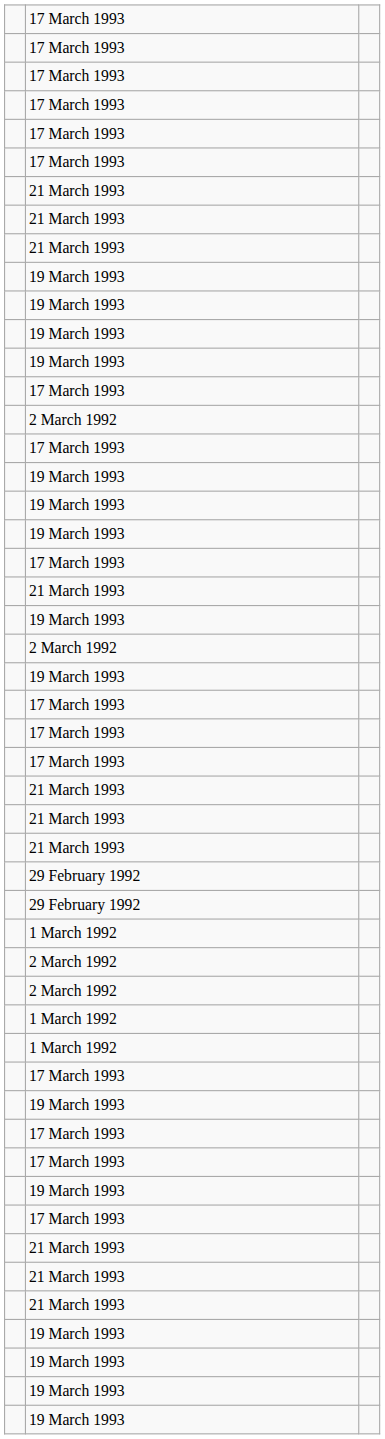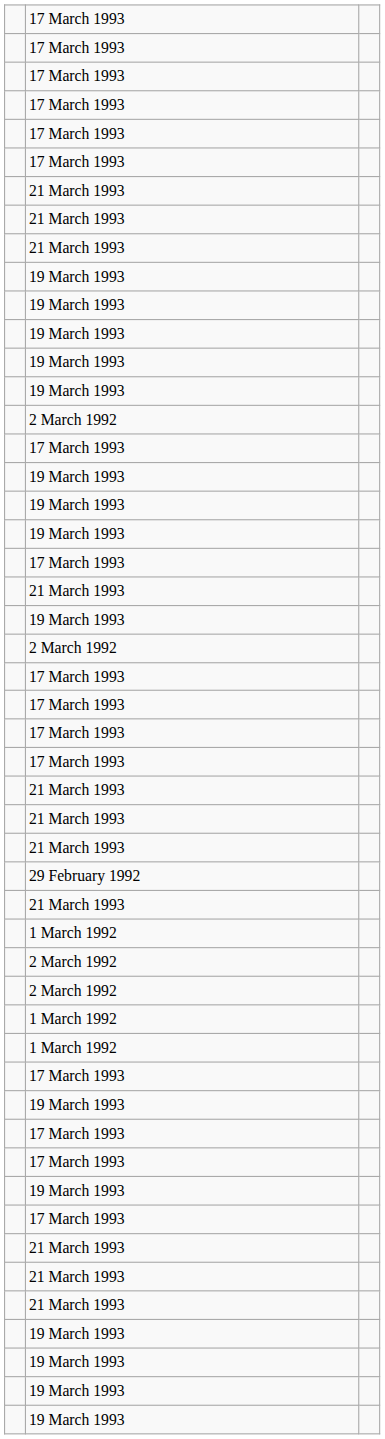 <table class="wikitable" style="font-size: 89%; float: left; width: 24em; margin-right: 1em;height: 1300px;">
 <tr>
 <td></td>
 <td>17 March 1993</td>
 <td></td>
 </tr>
 <tr>
 <td></td>
 <td>17 March 1993</td>
 <td></td>
 </tr>
 <tr>
 <td></td>
 <td>17 March 1993</td>
 <td></td>
 </tr>
 <tr>
 <td></td>
 <td>17 March 1993</td>
 <td></td>
 </tr>
 <tr>
 <td></td>
 <td>17 March 1993</td>
 <td></td>
 </tr>
 <tr>
 <td></td>
 <td>17 March 1993</td>
 <td></td>
 </tr>
 <tr>
 <td></td>
 <td>21 March 1993</td>
 <td></td>
 </tr>
 <tr>
 <td></td>
 <td>21 March 1993</td>
 <td></td>
 </tr>
 <tr>
 <td></td>
 <td>21 March 1993</td>
 <td></td>
 </tr>
 <tr>
 <td></td>
 <td>19 March 1993</td>
 <td></td>
 </tr>
 <tr>
 <td></td>
 <td>19 March 1993</td>
 <td></td>
 </tr>
 <tr>
 <td></td>
 <td>19 March 1993</td>
 <td></td>
 </tr>
 <tr>
 <td></td>
 <td>19 March 1993</td>
 <td></td>
 </tr>
 <tr>
 <td></td>
-<td>17 March 1993</td>
+<td>19 March 1993</td>
 <td></td>
 </tr>
 <tr>
 <td></td>
 <td>2 March 1992</td>
 <td></td>
 </tr>
 <tr>
 <td></td>
 <td>17 March 1993</td>
 <td></td>
 </tr>
 <tr>
 <td></td>
 <td>19 March 1993</td>
 <td></td>
 </tr>
 <tr>
 <td></td>
 <td>19 March 1993</td>
 <td></td>
 </tr>
 <tr>
 <td></td>
 <td>19 March 1993</td>
 <td></td>
 </tr>
 <tr>
 <td></td>
 <td>17 March 1993</td>
 <td></td>
 </tr>
 <tr>
 <td></td>
 <td>21 March 1993</td>
 <td></td>
 </tr>
 <tr>
 <td></td>
 <td>19 March 1993</td>
 <td></td>
 </tr>
 <tr>
 <td></td>
 <td>2 March 1992</td>
 <td></td>
 </tr>
 <tr>
 <td></td>
-<td>19 March 1993</td>
+<td>17 March 1993</td>
 <td></td>
 </tr>
 <tr>
 <td></td>
 <td>17 March 1993</td>
 <td></td>
 </tr>
 <tr>
 <td></td>
 <td>17 March 1993</td>
 <td></td>
 </tr>
 <tr>
 <td></td>
 <td>17 March 1993</td>
 <td></td>
 </tr>
 <tr>
 <td></td>
 <td>21 March 1993</td>
 <td></td>
 </tr>
 <tr>
 <td></td>
 <td>21 March 1993</td>
 <td></td>
 </tr>
 <tr>
 <td></td>
 <td>21 March 1993</td>
 <td></td>
 </tr>
 <tr>
 <td></td>
 <td>29 February 1992</td>
 <td></td>
 </tr>
 <tr>
 <td></td>
-<td>29 February 1992</td>
+<td>21 March 1993</td>
 <td></td>
 </tr>
 <tr>
 <td></td>
 <td>1 March 1992</td>
 <td></td>
 </tr>
 <tr>
 <td></td>
 <td>2 March 1992</td>
 <td></td>
 </tr>
 <tr>
 <td></td>
 <td>2 March 1992</td>
 <td></td>
 </tr>
 <tr>
 <td></td>
 <td>1 March 1992</td>
 <td></td>
 </tr>
 <tr>
 <td></td>
 <td>1 March 1992</td>
 <td></td>
 </tr>
 <tr>
 <td></td>
 <td>17 March 1993</td>
 <td></td>
 </tr>
 <tr>
 <td></td>
 <td>19 March 1993</td>
 <td></td>
 </tr>
 <tr>
 <td></td>
 <td>17 March 1993</td>
 <td></td>
 </tr>
 <tr>
 <td></td>
 <td>17 March 1993</td>
 <td></td>
 </tr>
 <tr>
 <td></td>
 <td>19 March 1993</td>
 <td></td>
 </tr>
 <tr>
 <td></td>
 <td>17 March 1993</td>
 <td></td>
 </tr>
 <tr>
 <td></td>
 <td>21 March 1993</td>
 <td></td>
 </tr>
 <tr>
 <td></td>
 <td>21 March 1993</td>
 <td></td>
 </tr>
 <tr>
 <td></td>
 <td>21 March 1993</td>
 <td></td>
 </tr>
 <tr>
 <td></td>
 <td>19 March 1993</td>
 <td></td>
 </tr>
 <tr>
 <td></td>
 <td>19 March 1993</td>
 <td></td>
 </tr>
 <tr>
 <td></td>
 <td>19 March 1993</td>
 <td></td>
 </tr>
 <tr>
 <td></td>
 <td>19 March 1993</td>
 <td></td>
 </tr>
 </table>
